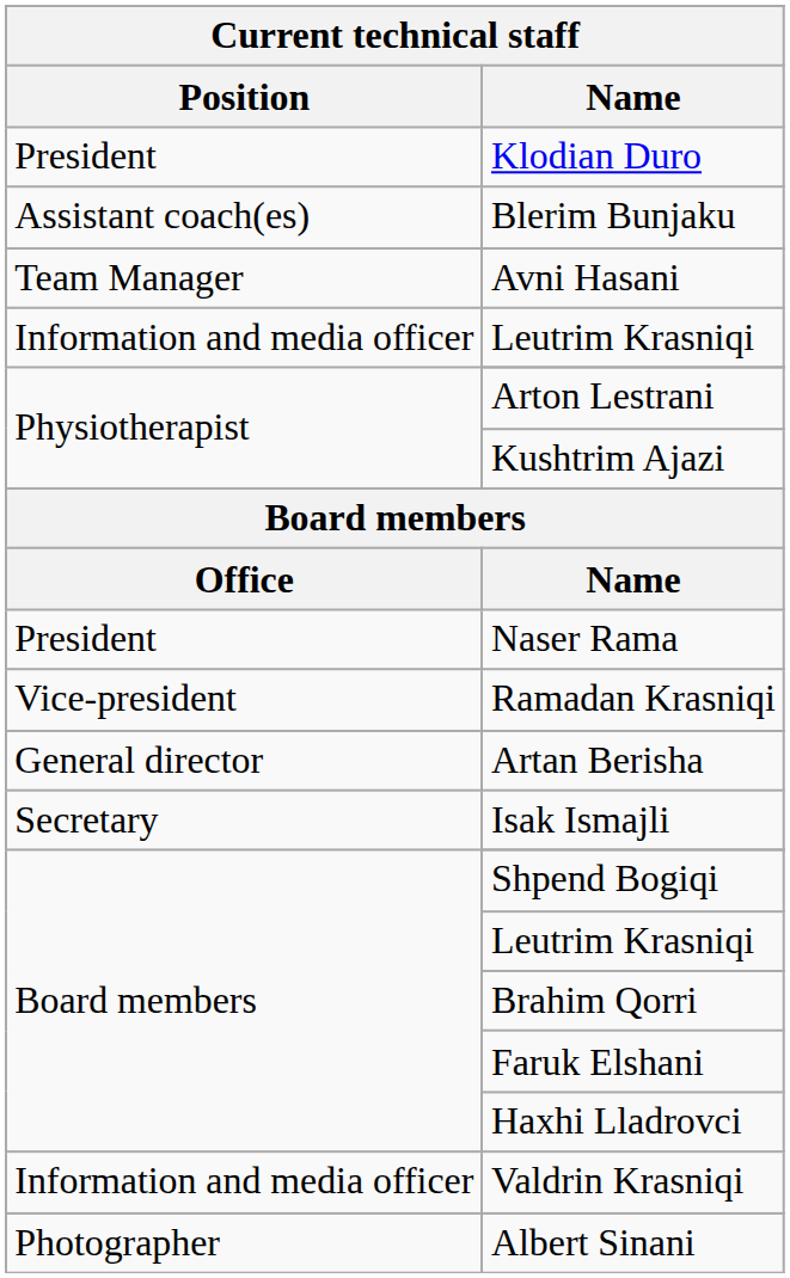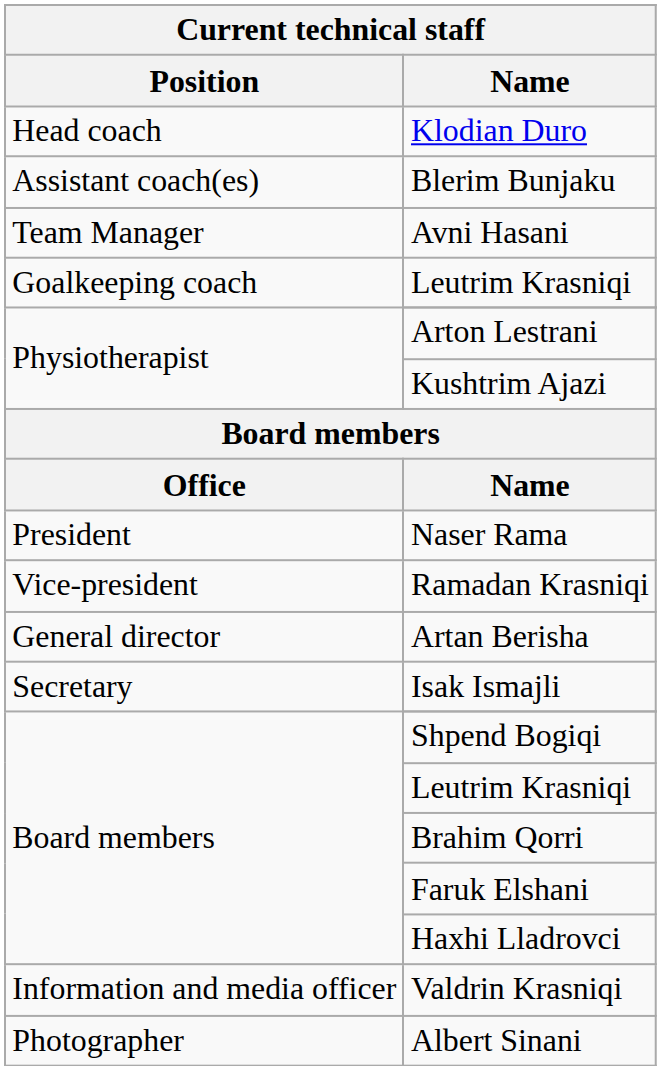 <table class="wikitable" style="text-align:left;">
 <tr>
 <th colspan="2">Current technical staff</th>
 </tr>
 <tr>
 <th>Position</th>
 <th>Name</th>
 </tr>
 <tr>
-<td>President</td>
+<td>Head coach</td>
 <td> <a href='#'>Klodian Duro</a></td>
 </tr>
 <tr>
 <td>Assistant coach(es)</td>
 <td> Blerim Bunjaku</td>
 </tr>
 <tr>
 <td>Team Manager</td>
 <td> Avni Hasani</td>
 </tr>
 <tr>
-<td>Information and media officer</td>
+<td>Goalkeeping coach</td>
 <td> Leutrim Krasniqi</td>
 </tr>
 <tr>
 <td rowspan="3">Physiotherapist</td>
 </tr>
 <tr>
 <td> Arton Lestrani</td>
 </tr>
 <tr>
 <td> Kushtrim Ajazi</td>
 </tr>
 <tr>
 <th colspan="2">Board members</th>
 </tr>
 <tr>
 <th>Office</th>
 <th>Name</th>
 </tr>
 <tr>
 <td>President</td>
 <td> Naser Rama</td>
 </tr>
 <tr>
 <td>Vice-president</td>
 <td> Ramadan Krasniqi</td>
 </tr>
 <tr>
 <td>General director</td>
 <td> Artan Berisha</td>
 </tr>
 <tr>
 <td>Secretary</td>
 <td> Isak Ismajli</td>
 </tr>
 <tr>
 <td rowspan="6">Board members</td>
 </tr>
 <tr>
 <td> Shpend Bogiqi</td>
 </tr>
 <tr>
 <td> Leutrim Krasniqi</td>
 </tr>
 <tr>
 <td> Brahim Qorri</td>
 </tr>
 <tr>
 <td> Faruk Elshani</td>
 </tr>
 <tr>
 <td> Haxhi Lladrovci</td>
 </tr>
 <tr>
 <td>Information and media officer</td>
 <td> Valdrin Krasniqi</td>
 </tr>
 <tr>
 <td>Photographer</td>
 <td> Albert Sinani</td>
 </tr>
 </table>
